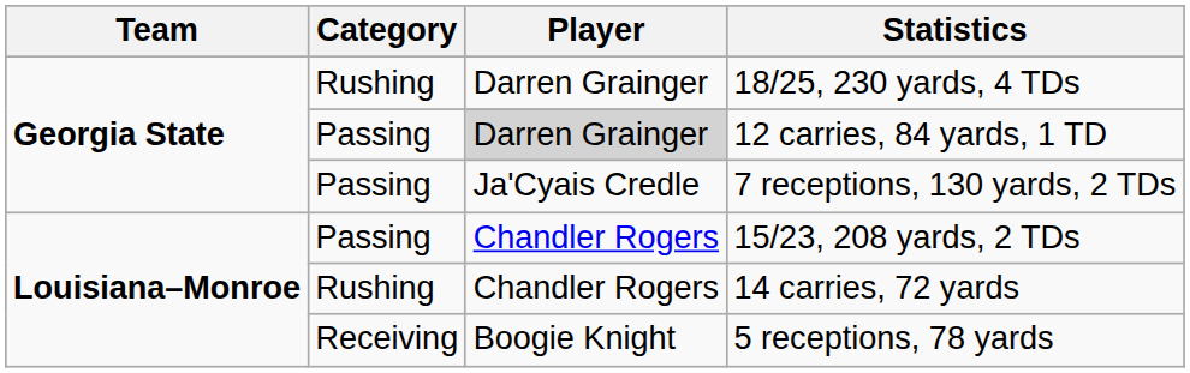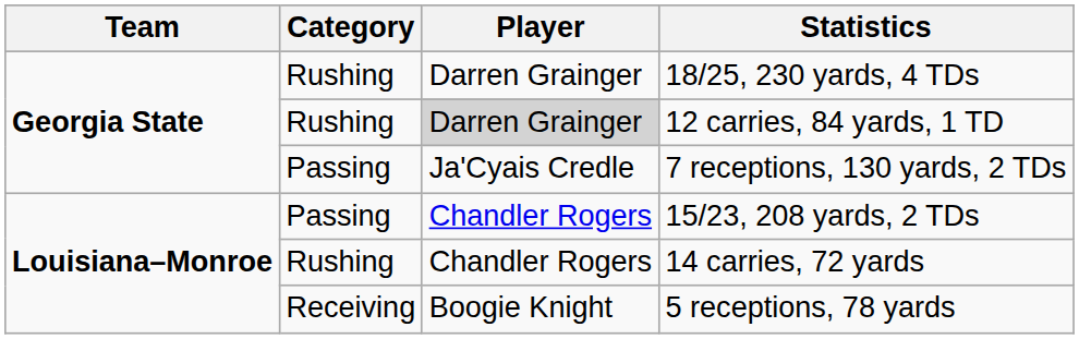 <table class="wikitable" style="float: left;">
 <tr>
 <th>Team</th>
 <th>Category</th>
 <th>Player</th>
 <th>Statistics</th>
 </tr>
 <tr>
 <td rowspan=3><strong>Georgia State</strong></td>
 <td>Rushing</td>
 <td>Darren Grainger</td>
 <td>18/25, 230 yards, 4 TDs</td>
 </tr>
 <tr>
-<td>Passing</td>
+<td>Rushing</td>
 <td style="background: lightgrey;">Darren Grainger</td>
 <td>12 carries, 84 yards, 1 TD</td>
 </tr>
 <tr>
 <td>Passing</td>
 <td>Ja'Cyais Credle</td>
 <td>7 receptions, 130 yards, 2 TDs</td>
 </tr>
 <tr>
 <td rowspan=3><strong>Louisiana–Monroe</strong></td>
 <td>Passing</td>
 <td><a href='#'>Chandler Rogers</a></td>
 <td>15/23, 208 yards, 2 TDs</td>
 </tr>
 <tr>
 <td>Rushing</td>
 <td>Chandler Rogers</td>
 <td>14 carries, 72 yards</td>
 </tr>
 <tr>
 <td>Receiving</td>
 <td>Boogie Knight</td>
 <td>5 receptions, 78 yards</td>
 </tr>
 </table>
